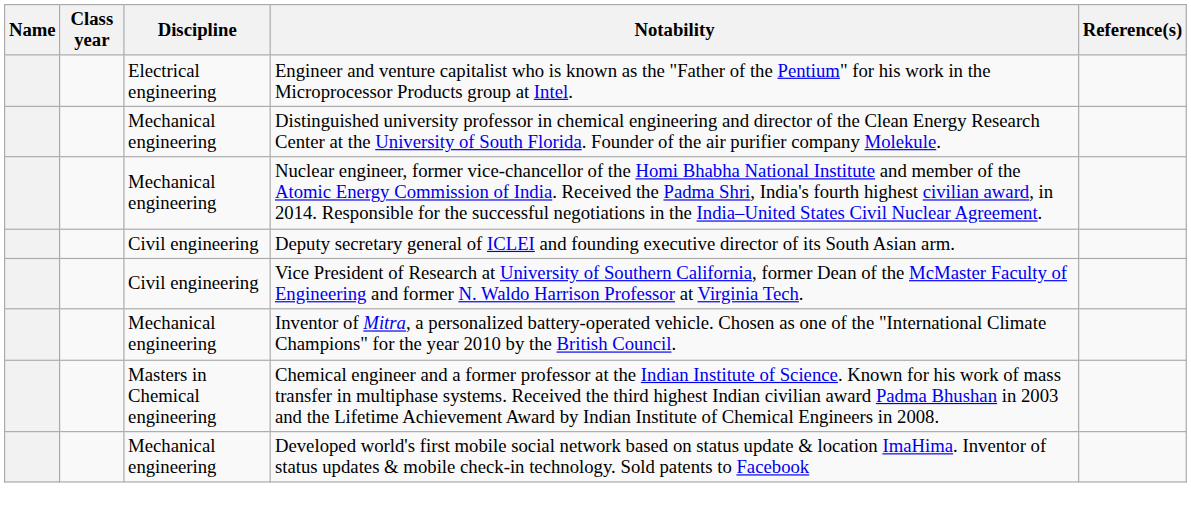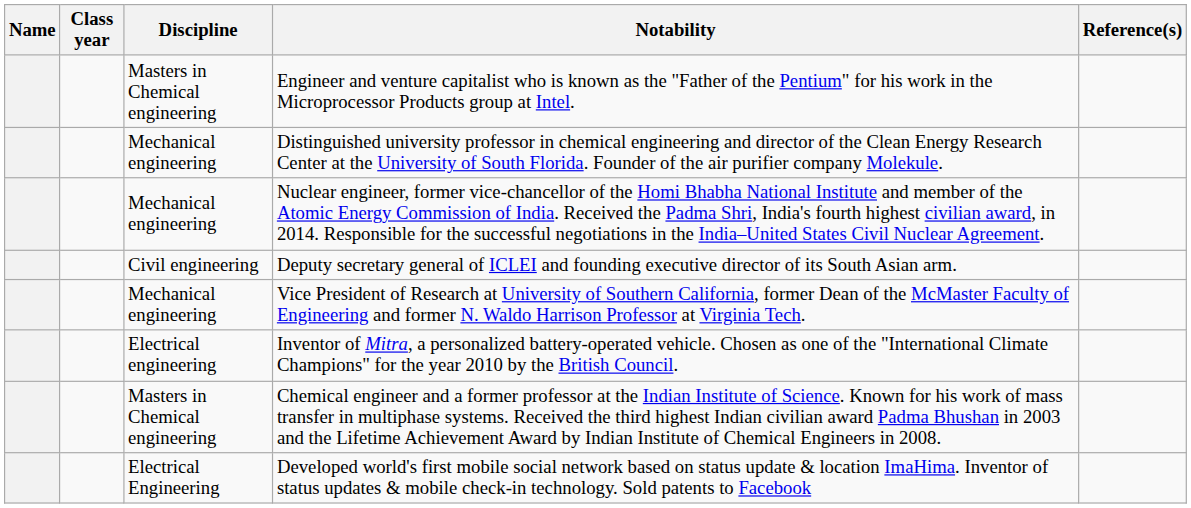 <table class="plainrowheaders sortable wikitable" style="width:80%;">
 <tr>
 <th scope=col>Name</th>
 <th scope=col>Class year</th>
 <th scope=col>Discipline</th>
 <th scope=col class=unsortable>Notability</th>
 <th scope=col class=unsortable>Reference(s)</th>
 </tr>
 <tr>
 <th scope=row style="text-align:center"></th>
 <td></td>
-<td>Electrical engineering</td>
+<td>Masters in Chemical engineering</td>
 <td>Engineer and venture capitalist who is known as the "Father of the <a href='#'>Pentium</a>" for his work in the Microprocessor Products group at <a href='#'>Intel</a>.</td>
 <td></td>
 </tr>
 <tr>
 <th scope=row style="text-align:center"></th>
 <td></td>
 <td>Mechanical engineering</td>
 <td>Distinguished university professor in chemical engineering and director of the Clean Energy Research Center at the <a href='#'>University of South Florida</a>. Founder of the air purifier company <a href='#'>Molekule</a>.</td>
 <td></td>
 </tr>
 <tr>
 <th scope=row style="text-align:center"></th>
 <td></td>
 <td>Mechanical engineering</td>
 <td>Nuclear engineer, former vice-chancellor of the <a href='#'>Homi Bhabha National Institute</a> and member of the <a href='#'>Atomic Energy Commission of India</a>. Received the <a href='#'>Padma Shri</a>, India's fourth highest <a href='#'>civilian award</a>, in 2014. Responsible for the successful negotiations in the <a href='#'>India–United States Civil Nuclear Agreement</a>.</td>
 <td></td>
 </tr>
 <tr>
 <th scope=row style="text-align:center"></th>
 <td></td>
 <td>Civil engineering</td>
 <td>Deputy secretary general of <a href='#'>ICLEI</a> and founding executive director of its South Asian arm.</td>
 <td></td>
 </tr>
 <tr>
 <th scope=row style="text-align:center"></th>
 <td></td>
-<td>Civil engineering</td>
+<td>Mechanical engineering</td>
 <td>Vice President of Research at <a href='#'>University of Southern California</a>, former Dean of the <a href='#'>McMaster Faculty of Engineering</a> and former <a href='#'>N. Waldo Harrison Professor</a> at <a href='#'>Virginia Tech</a>.</td>
 <td></td>
 </tr>
 <tr>
 <th scope=row style="text-align:center"></th>
 <td></td>
-<td>Mechanical engineering</td>
+<td>Electrical engineering</td>
 <td>Inventor of <em><a href='#'>Mitra</a></em>, a personalized battery-operated vehicle. Chosen as one of the "International Climate Champions" for the year 2010 by the <a href='#'>British Council</a>.</td>
 <td></td>
 </tr>
 <tr>
 <th scope=row style="text-align:center"></th>
 <td></td>
 <td>Masters in Chemical engineering</td>
 <td>Chemical engineer and a former professor at the <a href='#'>Indian Institute of Science</a>. Known for his work of mass transfer in multiphase systems. Received the third highest Indian civilian award <a href='#'>Padma Bhushan</a> in 2003 and the Lifetime Achievement Award by Indian Institute of Chemical Engineers in 2008.</td>
 </tr>
 <tr>
 <th scope=row style="text-align:center"></th>
 <td></td>
-<td>Mechanical engineering</td>
+<td>Electrical Engineering</td>
 <td>Developed world's first mobile social network based on status update & location <a href='#'>ImaHima</a>. Inventor of status updates & mobile check-in technology. Sold patents to <a href='#'>Facebook</a></td>
 <td></td>
 </tr>
 </table>
